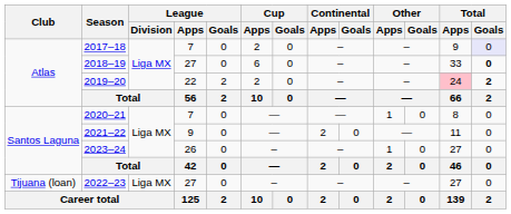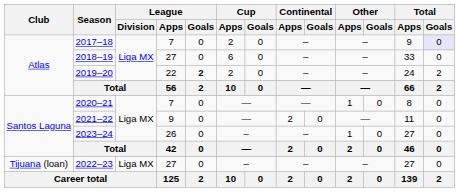 <table class="wikitable" style="text-align: center">
 <tr>
 <th rowspan="2">Club</th>
 <th rowspan="2">Season</th>
 <th colspan="3">League</th>
 <th colspan="2">Cup</th>
 <th colspan="2">Continental</th>
 <th colspan="2">Other</th>
 <th colspan="2">Total</th>
 </tr>
 <tr>
 <th>Division</th>
 <th>Apps</th>
 <th>Goals</th>
 <th>Apps</th>
 <th>Goals</th>
 <th>Apps</th>
 <th>Goals</th>
 <th>Apps</th>
 <th>Goals</th>
 <th>Apps</th>
 <th>Goals</th>
 </tr>
 <tr>
 <td rowspan="4"><a href='#'>Atlas</a></td>
 <td><a href='#'>2017–18</a></td>
 <td rowspan="3"><a href='#'>Liga MX</a></td>
 <td>7</td>
 <td>0</td>
 <td>2</td>
 <td>0</td>
 <td colspan="2">–</td>
 <td colspan=2>–</td>
 <td>9</td>
 <td style="background: lavender;">0</td>
 </tr>
 <tr>
 <td><a href='#'>2018–19</a></td>
 <td>27</td>
 <td>0</td>
 <td>6</td>
 <td>0</td>
 <td colspan=2>–</td>
 <td colspan=2>–</td>
 <td>33</td>
-<td><strong>0</strong></td>
+<td>0</td>
 </tr>
 <tr>
 <td><a href='#'>2019–20</a></td>
 <td>22</td>
-<td>2</td>
+<td><strong>2</strong></td>
 <td>2</td>
 <td>0</td>
 <td colspan=2>–</td>
 <td colspan=2>–</td>
-<td style="background: pink;">24</td>
-<td><strong>2</strong></td>
+<td>24</td>
+<td>2</td>
 </tr>
 <tr>
 <th colspan="2">Total</th>
 <th>56</th>
 <th>2</th>
 <th>10</th>
 <th>0</th>
 <th colspan=2>—</th>
 <th colspan=2>—</th>
 <th>66</th>
 <th>2</th>
 </tr>
 <tr>
 <td rowspan="4"><a href='#'>Santos Laguna</a></td>
 <td><a href='#'>2020–21</a></td>
 <td rowspan="3">Liga MX</td>
 <td>7</td>
 <td>0</td>
 <td colspan=2>—</td>
 <td colspan=2>—</td>
 <td>1</td>
 <td>0</td>
 <td>8</td>
 <td>0</td>
 </tr>
 <tr>
 <td><a href='#'>2021–22</a></td>
 <td>9</td>
 <td>0</td>
 <td colspan=2>—</td>
 <td>2</td>
 <td>0</td>
 <td colspan=2>—</td>
 <td>11</td>
 <td>0</td>
 </tr>
 <tr>
 <td><a href='#'>2023–24</a></td>
 <td>26</td>
 <td>0</td>
 <td colspan="2">–</td>
 <td colspan="2">–</td>
 <td>1</td>
 <td>0</td>
 <td>27</td>
 <td>0</td>
 </tr>
 <tr>
 <th colspan="2">Total</th>
 <th>42</th>
 <th>0</th>
 <th colspan=2>—</th>
 <th>2</th>
 <th>0</th>
 <th>2</th>
 <th>0</th>
 <th>46</th>
 <th>0</th>
 </tr>
 <tr>
 <td><a href='#'>Tijuana</a> (loan)</td>
 <td><a href='#'>2022–23</a></td>
 <td>Liga MX</td>
 <td>27</td>
 <td>0</td>
 <td colspan="2">–</td>
 <td colspan="2">–</td>
 <td colspan=2>–</td>
 <td>27</td>
 <td>0</td>
 </tr>
 <tr>
 <th colspan="3">Career total</th>
 <th>125</th>
 <th>2</th>
 <th>10</th>
 <th>0</th>
 <th>2</th>
 <th>0</th>
 <th>2</th>
 <th>0</th>
 <th>139</th>
 <th>2</th>
 </tr>
 </table>
